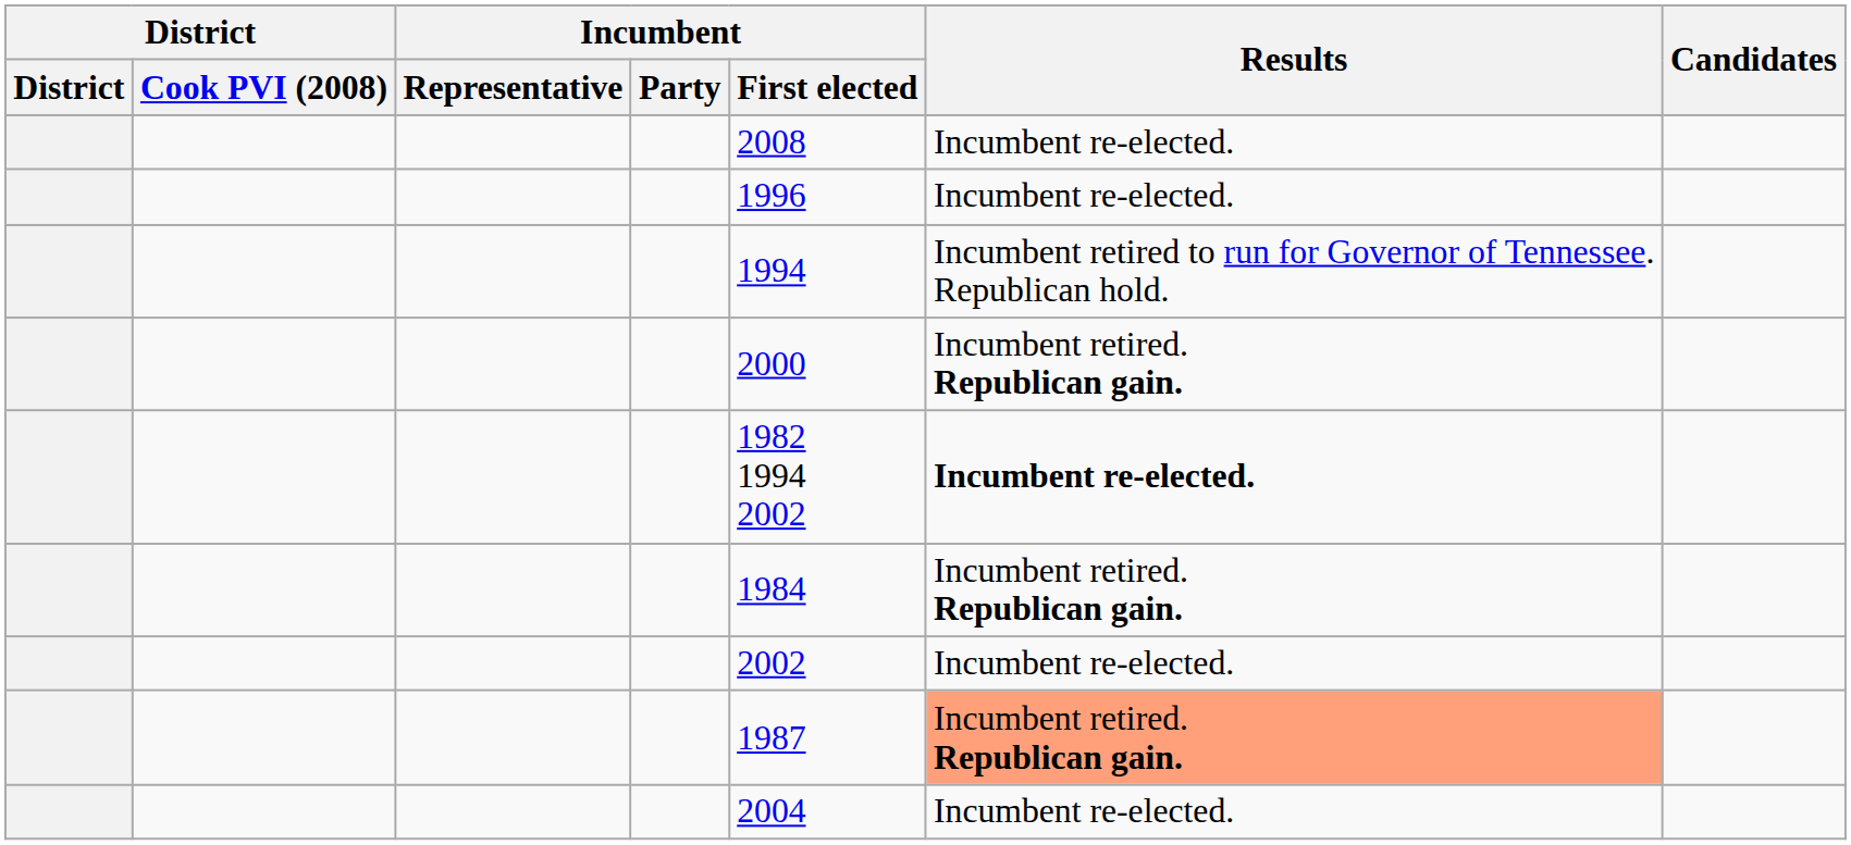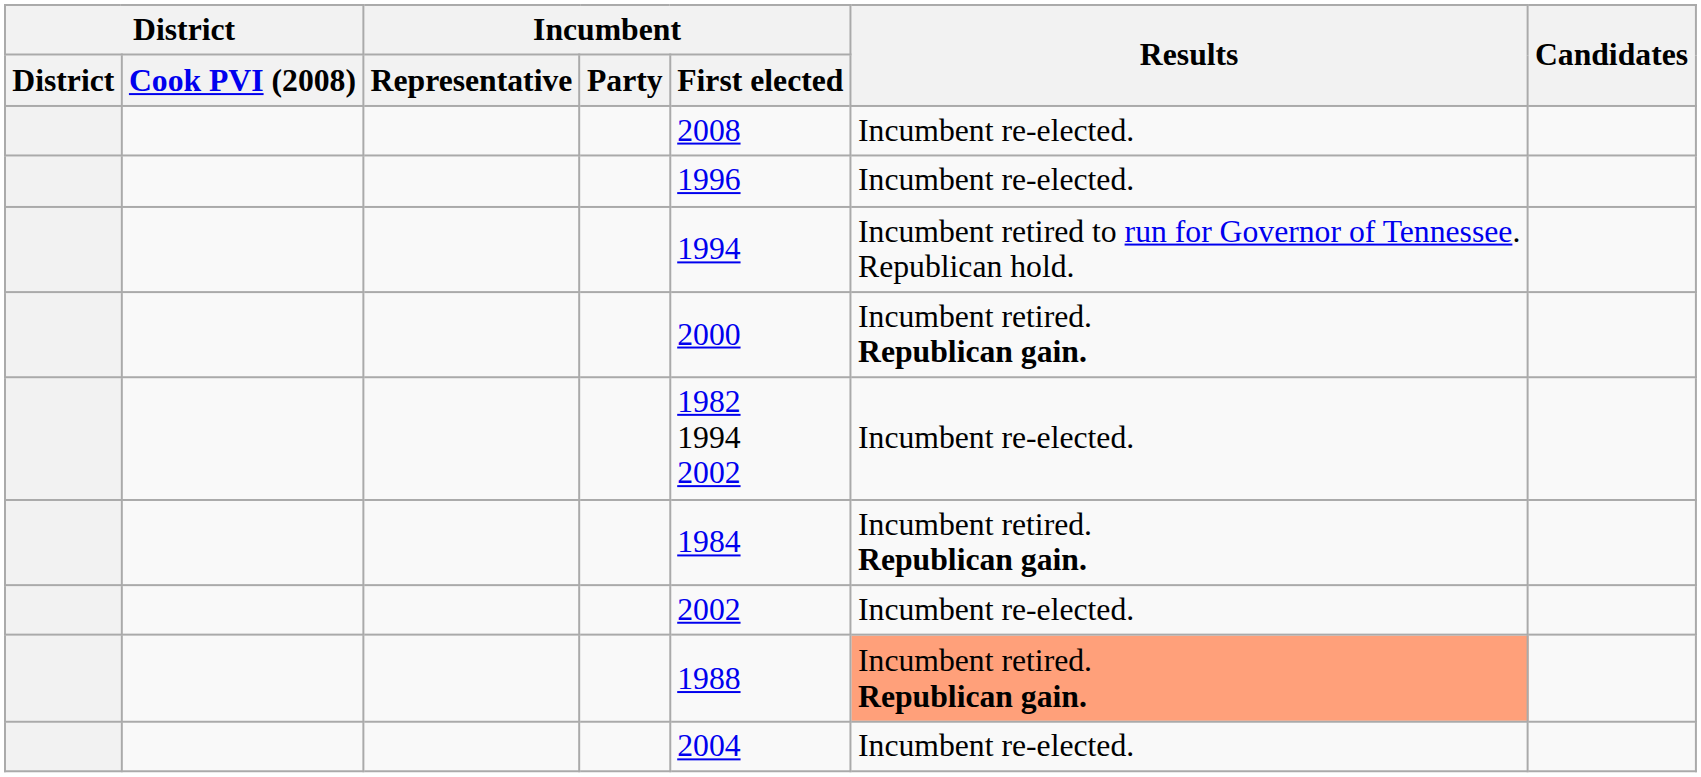 <table class="wikitable sortable">
 <tr>
 <th colspan=2>District</th>
 <th colspan=3>Incumbent</th>
 <th rowspan=2>Results</th>
 <th rowspan=2>Candidates</th>
 </tr>
 <tr valign=bottom>
 <th>District</th>
 <th><a href='#'>Cook PVI</a> (2008)</th>
 <th>Representative</th>
 <th>Party</th>
 <th>First elected</th>
 </tr>
 <tr>
 <th></th>
 <td></td>
 <td></td>
 <td></td>
 <td><a href='#'>2008</a></td>
 <td>Incumbent re-elected.</td>
 <td nowrap></td>
 </tr>
 <tr>
 <th></th>
 <td></td>
 <td></td>
 <td></td>
 <td><a href='#'>1996</a></td>
 <td>Incumbent re-elected.</td>
 <td nowrap><br></td>
 </tr>
 <tr>
 <th></th>
 <td></td>
 <td></td>
 <td></td>
 <td><a href='#'>1994</a></td>
 <td>Incumbent retired to <a href='#'>run for Governor of Tennessee</a>.<br>Republican hold.</td>
 <td nowrap><br></td>
 </tr>
 <tr>
 <th></th>
 <td></td>
 <td></td>
 <td></td>
 <td><a href='#'>2000</a></td>
 <td>Incumbent retired.<br><strong>Republican gain.</strong></td>
 <td nowrap><br></td>
 </tr>
 <tr>
 <th></th>
 <td></td>
 <td></td>
 <td></td>
 <td><a href='#'>1982</a><br>1994 <br><a href='#'>2002</a></td>
-<td><strong>Incumbent re-elected.</strong></td>
+<td>Incumbent re-elected.</td>
 <td nowrap><br></td>
 </tr>
 <tr>
 <th></th>
 <td></td>
 <td></td>
 <td></td>
 <td><a href='#'>1984</a></td>
 <td>Incumbent retired.<br><strong>Republican gain.</strong></td>
 <td nowrap><br></td>
 </tr>
 <tr>
 <th></th>
 <td></td>
 <td></td>
 <td></td>
 <td><a href='#'>2002</a></td>
 <td>Incumbent re-elected.</td>
 <td nowrap></td>
 </tr>
 <tr>
 <th></th>
 <td></td>
 <td></td>
 <td></td>
-<td><a href='#'>1987</a></td>
+<td><a href='#'>1988</a></td>
 <td style="background: lightsalmon;">Incumbent retired.<br><strong>Republican gain.</strong></td>
 <td nowrap></td>
 </tr>
 <tr>
 <th></th>
 <td></td>
 <td></td>
 <td></td>
 <td><a href='#'>2004</a></td>
 <td>Incumbent re-elected.</td>
 <td nowrap><br></td>
 </tr>
 </table>
